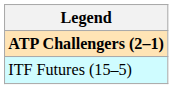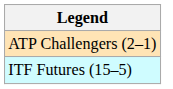 <table class=wikitable style=font-size:97%>
 <tr>
 <th>Legend</th>
 </tr>
 <tr bgcolor=moccasin>
-<td><strong>ATP Challengers (2–1)</strong></td>
+<td>ATP Challengers (2–1)</td>
 </tr>
 <tr bgcolor=cffcff>
 <td>ITF Futures (15–5)</td>
 </tr>
 </table>
